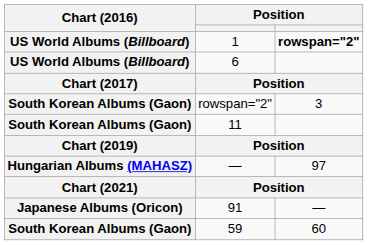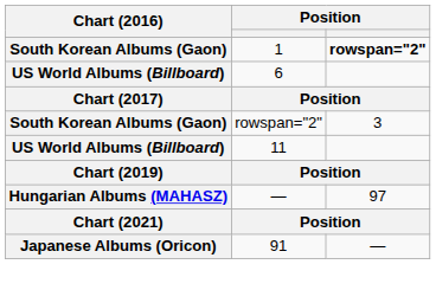 <table class="wikitable sortable plainrowheaders" style="text-align:center">
 <tr>
 <th rowspan="2">Chart (2016)</th>
 <th colspan="2">Position</th>
 </tr>
 <tr>
 <th></th>
 <th></th>
 </tr>
 <tr>
-<th scope="row">US World Albums (<em>Billboard</em>)</th>
+<th scope="row">South Korean Albums (Gaon)</th>
 <td>1</td>
 <td><strong>rowspan="2" </strong></td>
 </tr>
 <tr>
 <th scope="row">US World Albums (<em>Billboard</em>)</th>
 <td>6</td>
 </tr>
 <tr>
 <th>Chart (2017)</th>
 <th colspan="2">Position</th>
 </tr>
 <tr>
 <th scope="row">South Korean Albums (Gaon)</th>
 <td>rowspan="2" </td>
 <td>3</td>
 </tr>
 <tr>
-<th scope="row">South Korean Albums (Gaon)</th>
+<th scope="row">US World Albums (<em>Billboard</em>)</th>
 <td>11</td>
 </tr>
 <tr>
 <th>Chart (2019)</th>
 <th colspan="2">Position</th>
 </tr>
 <tr>
 <th scope="row">Hungarian Albums <a href='#'>(MAHASZ)</a></th>
 <td>—</td>
 <td>97</td>
 </tr>
 <tr>
 <th scope="col">Chart (2021)</th>
 <th colspan="2">Position</th>
 </tr>
 <tr>
 <th scope="row">Japanese Albums (Oricon)</th>
 <td>91</td>
 <td>—</td>
 </tr>
-<tr>
-<th scope="row">South Korean Albums (Gaon)</th>
-<td>59</td>
-<td>60</td>
-</tr>
 </table>
